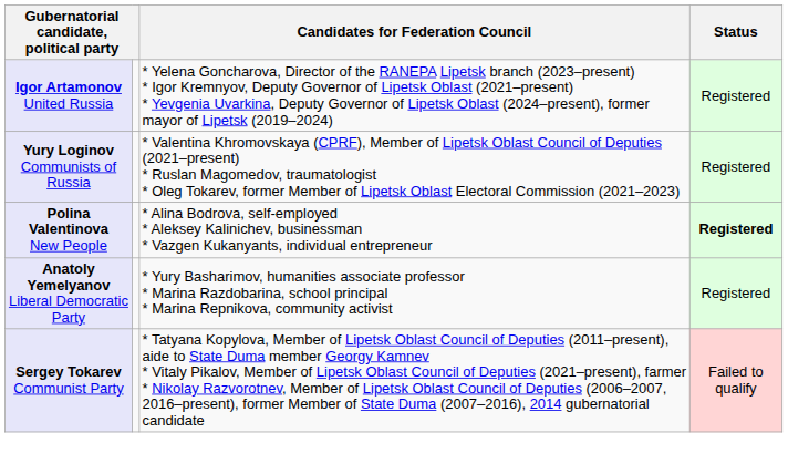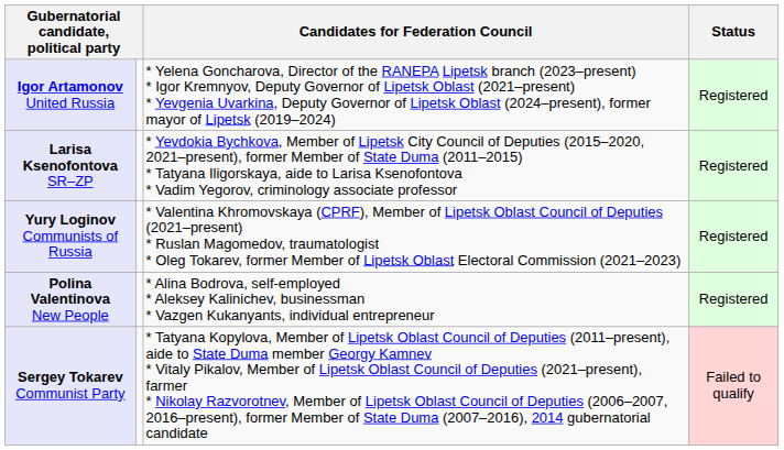 <table class="wikitable" style="text-align:center;">
 <tr>
 <th colspan="2">Gubernatorial candidate,<br>political party</th>
 <th>Candidates for Federation Council</th>
 <th>Status</th>
 </tr>
 <tr>
 <td style="background:lavender;"><strong><a href='#'>Igor Artamonov</a></strong><br><a href='#'>United Russia</a></td>
 <td style="background-color:"></td>
 <td align=left>* Yelena Goncharova, Director of the <a href='#'>RANEPA</a> <a href='#'>Lipetsk</a> branch (2023–present)<br> * Igor Kremnyov, Deputy Governor of <a href='#'>Lipetsk Oblast</a> (2021–present)<br> * <a href='#'>Yevgenia Uvarkina</a>, Deputy Governor of <a href='#'>Lipetsk Oblast</a> (2024–present), former mayor of <a href='#'>Lipetsk</a> (2019–2024)</td>
 <td bgcolor="#DFFFDF">Registered</td>
 </tr>
 <tr>
+<td style="background:lavender;"><strong>Larisa Ksenofontova</strong><br><a href='#'>SR–ZP</a></td>
+<td style="background-color:"></td>
+<td align=left>* <a href='#'>Yevdokia Bychkova</a>, Member of <a href='#'>Lipetsk</a> City Council of Deputies (2015–2020, 2021–present), former Member of <a href='#'>State Duma</a> (2011–2015)<br>* Tatyana Iligorskaya, aide to Larisa Ksenofontova<br>* Vadim Yegorov, criminology associate professor</td>
+<td bgcolor="#DFFFDF">Registered</td>
+</tr>
+<tr>
 <td style="background:lavender;"><strong>Yury Loginov</strong><br><a href='#'>Communists of Russia</a></td>
 <td style="background-color:"></td>
 <td align=left>* Valentina Khromovskaya (<a href='#'>CPRF</a>), Member of <a href='#'>Lipetsk Oblast Council of Deputies</a> (2021–present)<br>* Ruslan Magomedov, traumatologist<br>* Oleg Tokarev, former Member of <a href='#'>Lipetsk Oblast</a> Electoral Commission (2021–2023)</td>
 <td bgcolor="#DFFFDF">Registered</td>
 </tr>
 <tr>
 <td style="background:lavender;"><strong>Polina Valentinova</strong><br><a href='#'>New People</a></td>
 <td style="background-color:"></td>
 <td align=left>* Alina Bodrova, self-employed<br>* Aleksey Kalinichev, businessman<br>* Vazgen Kukanyants, individual entrepreneur</td>
-<td bgcolor="#DFFFDF"><strong>Registered</strong></td>
-</tr>
-<tr>
-<td style="background:lavender;"><strong>Anatoly Yemelyanov</strong><br><a href='#'>Liberal Democratic Party</a></td>
-<td style="background-color:"></td>
-<td align=left>* Yury Basharimov, humanities associate professor<br>* Marina Razdobarina, school principal<br>* Marina Repnikova, community activist</td>
 <td bgcolor="#DFFFDF">Registered</td>
 </tr>
 <tr>
 <td style="background:lavender;"><strong>Sergey Tokarev</strong><br><a href='#'>Communist Party</a></td>
 <td style="background-color:"></td>
 <td align=left>* Tatyana Kopylova, Member of <a href='#'>Lipetsk Oblast Council of Deputies</a> (2011–present), aide to <a href='#'>State Duma</a> member <a href='#'>Georgy Kamnev</a><br>* Vitaly Pikalov, Member of <a href='#'>Lipetsk Oblast Council of Deputies</a> (2021–present), farmer<br>* <a href='#'>Nikolay Razvorotnev</a>, Member of <a href='#'>Lipetsk Oblast Council of Deputies</a> (2006–2007, 2016–present), former Member of <a href='#'>State Duma</a> (2007–2016), <a href='#'>2014</a> gubernatorial candidate</td>
 <td bgcolor="#FFD5D5">Failed to qualify</td>
 </tr>
 </table>
